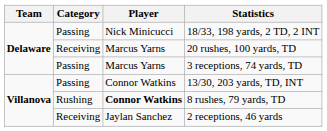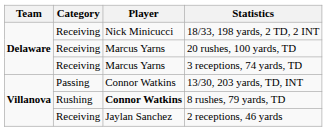 <table class="wikitable" style="float: right;">
 <tr>
 <th>Team</th>
 <th>Category</th>
 <th>Player</th>
 <th>Statistics</th>
 </tr>
 <tr>
 <td rowspan=3><strong>Delaware</strong></td>
-<td>Passing</td>
+<td>Receiving</td>
 <td>Nick Minicucci</td>
 <td>18/33, 198 yards, 2 TD, 2 INT</td>
 </tr>
 <tr>
 <td>Receiving</td>
 <td>Marcus Yarns</td>
 <td>20 rushes, 100 yards, TD</td>
 </tr>
 <tr>
-<td>Passing</td>
+<td>Receiving</td>
 <td>Marcus Yarns</td>
 <td>3 receptions, 74 yards, TD</td>
 </tr>
 <tr>
 <td rowspan=3><strong>Villanova</strong></td>
 <td>Passing</td>
 <td>Connor Watkins</td>
 <td>13/30, 203 yards, TD, INT</td>
 </tr>
 <tr>
 <td>Rushing</td>
 <td><strong>Connor Watkins</strong></td>
 <td>8 rushes, 79 yards, TD</td>
 </tr>
 <tr>
 <td>Receiving</td>
 <td>Jaylan Sanchez</td>
 <td>2 receptions, 46 yards</td>
 </tr>
 </table>
